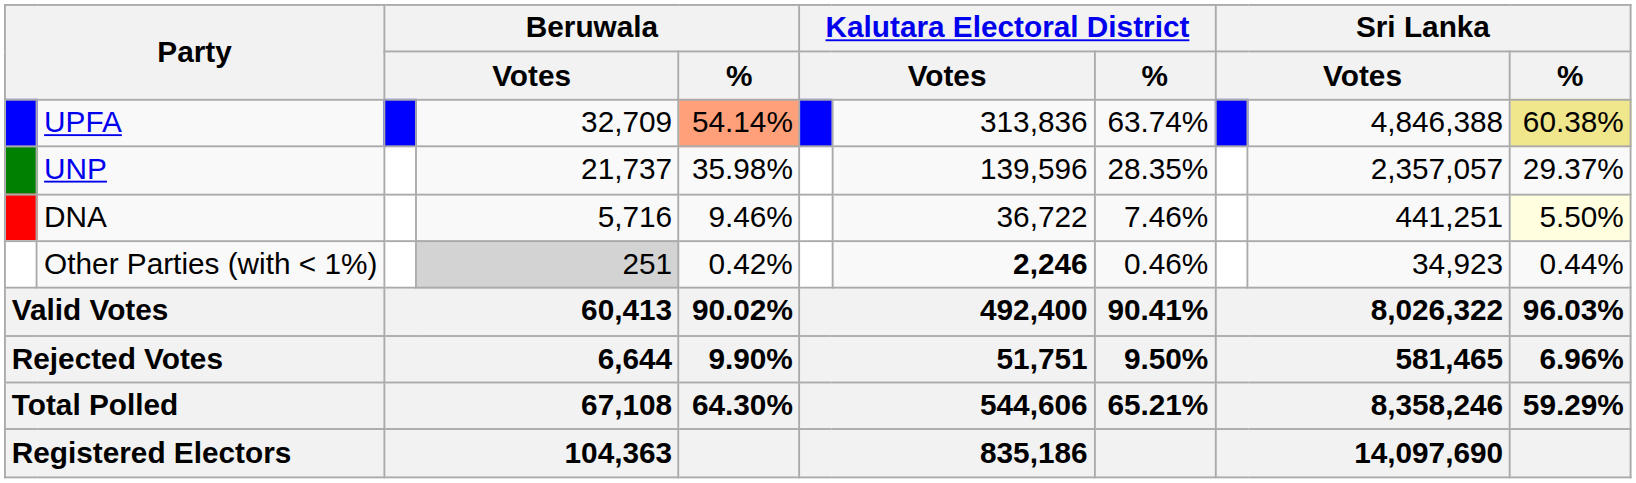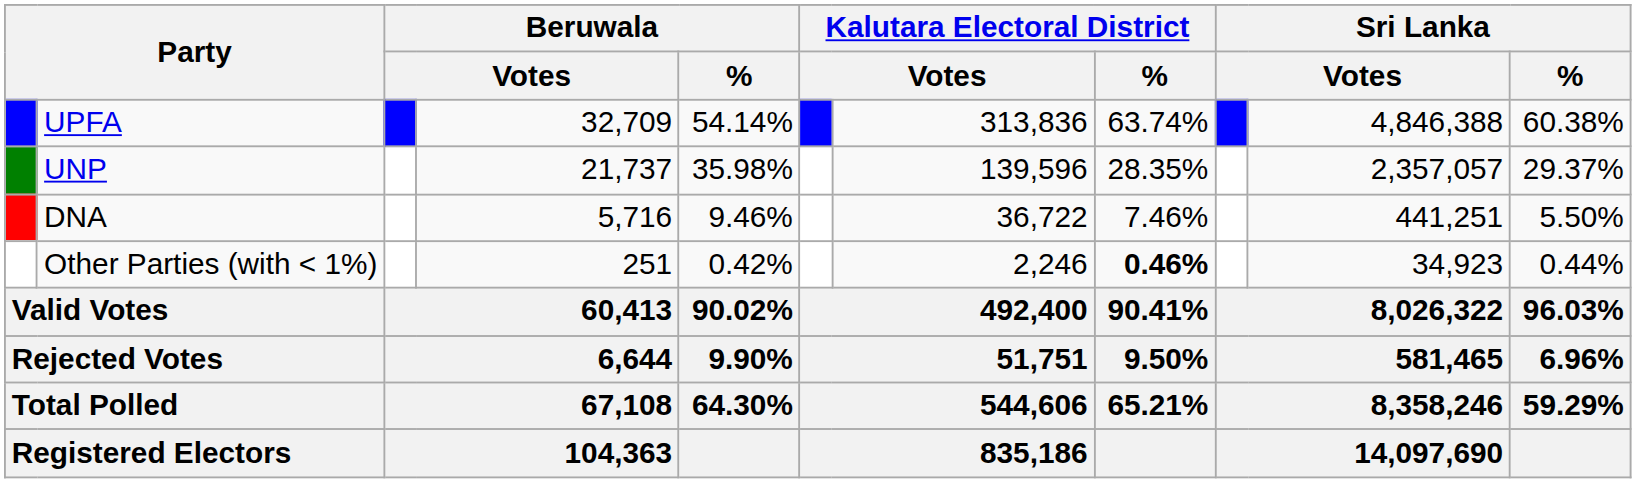 <table class="wikitable">
 <tr>
 <th colspan="2" width="144px"rowspan="2">Party</th>
 <th colspan="3" width="216px">Beruwala</th>
 <th colspan="3" width="216px"><a href='#'>Kalutara Electoral District</a></th>
 <th colspan="3" width="216px">Sri Lanka</th>
 </tr>
 <tr>
 <th colspan="2" width="144px">Votes</th>
 <th>%</th>
 <th colspan="2" width="144px">Votes</th>
 <th>%</th>
 <th colspan="2" width="144px">Votes</th>
 <th>%</th>
 </tr>
 <tr>
 <td style="background-color:blue;" width="10px"></td>
 <td style="text-align:left;"><a href='#'>UPFA</a></td>
 <td style="background-color:blue;" width="10px"></td>
 <td style="text-align:right;">32,709</td>
-<td style="background: lightsalmon; text-align:right;">54.14%</td>
+<td style="text-align:right;">54.14%</td>
 <td style="background-color:blue;" width="10px"></td>
 <td style="text-align:right;">313,836</td>
 <td style="text-align:right;">63.74%</td>
 <td style="background-color:blue;" width="10px"></td>
 <td style="text-align:right;">4,846,388</td>
-<td style="background: khaki; text-align:right;">60.38%</td>
+<td style="text-align:right;">60.38%</td>
 </tr>
 <tr>
 <td style="background-color:green;" width="10px"></td>
 <td style="text-align:left;"><a href='#'>UNP</a></td>
 <td style="background-color:white;" width="10px"></td>
 <td style="text-align:right;">21,737</td>
 <td style="text-align:right;">35.98%</td>
 <td style="background-color:white;" width="10px"></td>
 <td style="text-align:right;">139,596</td>
 <td style="text-align:right;">28.35%</td>
 <td style="background-color:white;" width="10px"></td>
 <td style="text-align:right;">2,357,057</td>
 <td style="text-align:right;">29.37%</td>
 </tr>
 <tr>
 <td style="background-color:red;" width="10px"></td>
 <td style="text-align:left;">DNA</td>
 <td style="background-color:white;" width="10px"></td>
 <td style="text-align:right;">5,716</td>
 <td style="text-align:right;">9.46%</td>
 <td style="background-color:white;" width="10px"></td>
 <td style="text-align:right;">36,722</td>
 <td style="text-align:right;">7.46%</td>
 <td style="background-color:white;" width="10px"></td>
 <td style="text-align:right;">441,251</td>
-<td style="background: lightyellow; text-align:right;">5.50%</td>
+<td style="text-align:right;">5.50%</td>
 </tr>
 <tr>
 <td style="background-color:white;" width="10px"></td>
 <td style="text-align:left;">Other Parties (with < 1%)</td>
 <td style="background-color:white;" width="10px"></td>
-<td style="background: lightgrey; text-align:right;">251</td>
+<td style="text-align:right;">251</td>
 <td style="text-align:right;">0.42%</td>
 <td style="background-color:white;" width="10px"></td>
-<td style="text-align:right;"><strong>2,246</strong></td>
-<td style="text-align:right;">0.46%</td>
+<td style="text-align:right;">2,246</td>
+<td style="text-align:right;"><strong>0.46%</strong></td>
 <td style="background-color:white;" width="10px"></td>
 <td style="text-align:right;">34,923</td>
 <td style="text-align:right;">0.44%</td>
 </tr>
 <tr>
 <th colspan="2" width="144px"style="text-align:left;">Valid Votes</th>
 <th style="text-align:right;"colspan="2" width="144px">60,413</th>
 <th style="text-align:right;">90.02%</th>
 <th style="text-align:right;"colspan="2" width="144px">492,400</th>
 <th style="text-align:right;">90.41%</th>
 <th style="text-align:right;"colspan="2" width="144px">8,026,322</th>
 <th style="text-align:right;">96.03%</th>
 </tr>
 <tr>
 <th colspan="2" width="144px"style="text-align:left;">Rejected Votes</th>
 <th style="text-align:right;"colspan="2" width="144px">6,644</th>
 <th style="text-align:right;">9.90%</th>
 <th style="text-align:right;"colspan="2" width="144px">51,751</th>
 <th style="text-align:right;">9.50%</th>
 <th style="text-align:right;"colspan="2" width="144px">581,465</th>
 <th style="text-align:right;">6.96%</th>
 </tr>
 <tr>
 <th colspan="2" width="144px"style="text-align:left;">Total Polled</th>
 <th style="text-align:right;"colspan="2" width="144px">67,108</th>
 <th style="text-align:right;">64.30%</th>
 <th style="text-align:right;"colspan="2" width="144px">544,606</th>
 <th style="text-align:right;">65.21%</th>
 <th style="text-align:right;"colspan="2" width="144px">8,358,246</th>
 <th style="text-align:right;">59.29%</th>
 </tr>
 <tr>
 <th colspan="2" width="144px"style="text-align:left;">Registered Electors</th>
 <th style="text-align:right;"colspan="2" width="144px">104,363</th>
 <th></th>
 <th style="text-align:right;"colspan="2" width="144px">835,186</th>
 <th></th>
 <th style="text-align:right;"colspan="2" width="144px">14,097,690</th>
 <th></th>
 </tr>
 </table>
